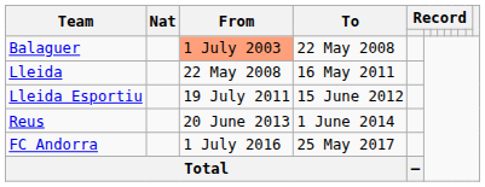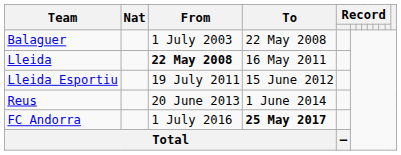 <table class="wikitable" style="text-align: center">
 <tr>
 <th rowspan="2">Team</th>
 <th rowspan="2">Nat</th>
 <th rowspan="2">From</th>
 <th rowspan="2">To</th>
 <th colspan="8">Record</th>
 <th rowspan=2></th>
 </tr>
 <tr>
 <th></th>
 <th></th>
 <th></th>
 <th></th>
 <th></th>
 <th></th>
 <th></th>
 <th></th>
 </tr>
 <tr>
 <td align="left"><a href='#'>Balaguer</a></td>
 <td></td>
-<td align="left" style="background: lightsalmon;">1 July 2003</td>
+<td align="left">1 July 2003</td>
 <td align="left">22 May 2008<br></td>
 <td></td>
 </tr>
 <tr>
 <td align="left"><a href='#'>Lleida</a></td>
 <td></td>
-<td align="left">22 May 2008</td>
+<td align="left"><strong>22 May 2008</strong></td>
 <td align="left">16 May 2011<br></td>
 <td></td>
 </tr>
 <tr>
 <td align="left"><a href='#'>Lleida Esportiu</a></td>
 <td></td>
 <td align="left">19 July 2011</td>
 <td align="left">15 June 2012<br></td>
 <td></td>
 </tr>
 <tr>
 <td align="left"><a href='#'>Reus</a></td>
 <td></td>
 <td align="left">20 June 2013</td>
 <td align="left">1 June 2014<br></td>
 <td></td>
 </tr>
 <tr>
 <td align="left"><a href='#'>FC Andorra</a></td>
 <td></td>
 <td align="left">1 July 2016</td>
-<td align="left">25 May 2017<br></td>
+<td align="left"><strong>25 May 2017<br></strong></td>
 <td></td>
 </tr>
 <tr>
 <th colspan="4">Total<br></th>
 <th>—</th>
 </tr>
 </table>
